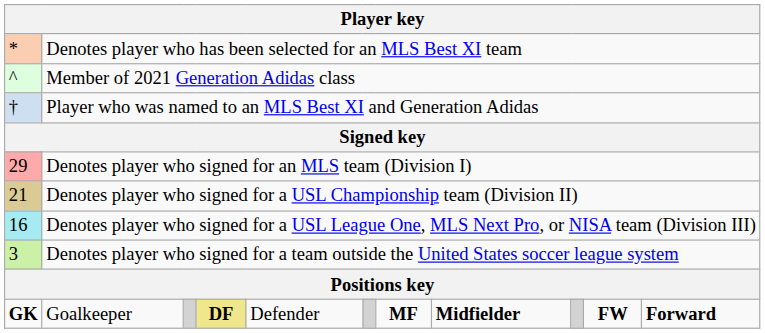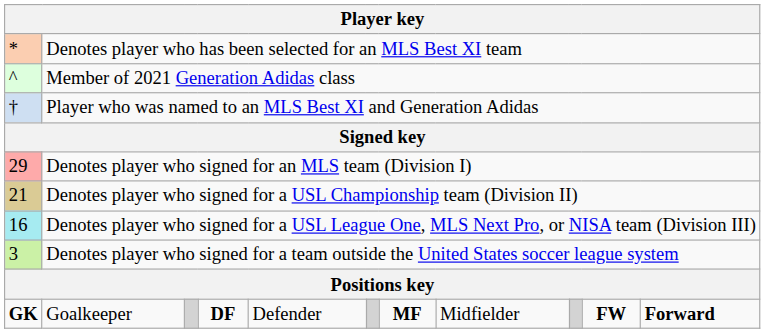 <table class="wikitable">
 <tr>
 <th colspan="11">Player key</th>
 </tr>
 <tr>
 <td scope="row" style="background:#FBCEB1;">*</td>
 <td colspan="11">Denotes player who has been selected for an <a href='#'>MLS Best XI</a> team</td>
 </tr>
 <tr>
 <td scope="row" style="background:#ddffdd;">^</td>
 <td colspan="11">Member of 2021 <a href='#'>Generation Adidas</a> class</td>
 </tr>
 <tr>
 <td scope="row" style="background:#cedff2;">†</td>
 <td colspan="11">Player who was named to an <a href='#'>MLS Best XI</a> and Generation Adidas</td>
 </tr>
 <tr>
 <th colspan="11">Signed key</th>
 </tr>
 <tr>
 <td scope="row" style="background:#FEAAAA;">29</td>
 <td colspan="11">Denotes player who signed for an <a href='#'>MLS</a> team (Division I)</td>
 </tr>
 <tr>
 <td scope="row" style="background:#DACB95;">21</td>
 <td colspan="11">Denotes player who signed for a <a href='#'>USL Championship</a> team (Division II)</td>
 </tr>
 <tr>
 <td scope="row" style="background:#A6EBF1;">16</td>
 <td colspan="11">Denotes player who signed for a <a href='#'>USL League One</a>, <a href='#'>MLS Next Pro</a>, or <a href='#'>NISA</a> team (Division III)</td>
 </tr>
 <tr>
 <td scope="row" style="background:#CBF1A6;">3</td>
 <td colspan="11">Denotes player who signed for a team outside the <a href='#'>United States soccer league system</a></td>
 </tr>
 <tr>
 <th colspan="11">Positions key</th>
 </tr>
 <tr>
 <td style="text-align:center;"><strong>GK</strong></td>
 <td style="text-align:left;">Goalkeeper</td>
 <td style="background-color:lightgrey;"></td>
-<td style="background: khaki; text-align:center;"><strong>DF</strong></td>
+<td style="text-align:center;"><strong>DF</strong></td>
 <td style="text-align:left;">Defender</td>
 <td style="background-color:lightgrey;"></td>
 <td style="text-align:center;"><strong>MF</strong></td>
-<td style="text-align:left;"><strong>Midfielder</strong></td>
+<td style="text-align:left;">Midfielder</td>
 <td style="background-color:lightgrey;"></td>
 <td style="text-align:center;"><strong>FW</strong></td>
 <td style="text-align:left;"><strong>Forward</strong></td>
 </tr>
 </table>
